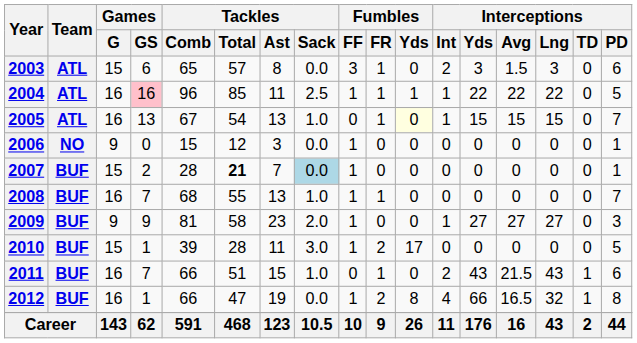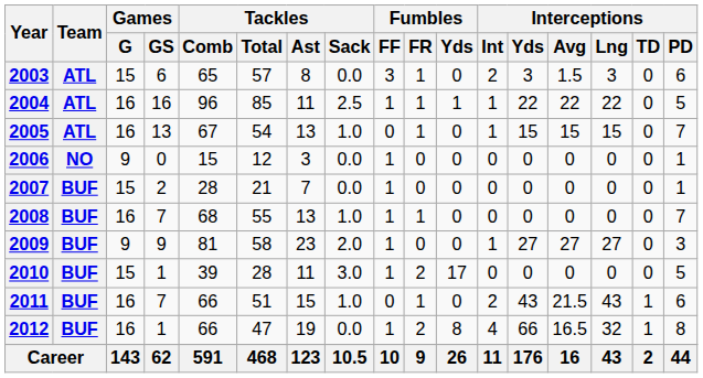 <table class=wikitable style="text-align:center;">
 <tr>
 <th rowspan="2">Year</th>
 <th rowspan="2">Team</th>
 <th colspan="2">Games</th>
 <th colspan="4">Tackles</th>
 <th colspan="3">Fumbles</th>
 <th colspan="6">Interceptions</th>
 </tr>
 <tr>
 <th>G</th>
 <th>GS</th>
 <th>Comb</th>
 <th>Total</th>
 <th>Ast</th>
 <th>Sack</th>
 <th>FF</th>
 <th>FR</th>
 <th>Yds</th>
 <th>Int</th>
 <th>Yds</th>
 <th>Avg</th>
 <th>Lng</th>
 <th>TD</th>
 <th>PD</th>
 </tr>
 <tr>
 <th><a href='#'>2003</a></th>
 <th><a href='#'>ATL</a></th>
 <td>15</td>
 <td>6</td>
 <td>65</td>
 <td>57</td>
 <td>8</td>
 <td>0.0</td>
 <td>3</td>
 <td>1</td>
 <td>0</td>
 <td>2</td>
 <td>3</td>
 <td>1.5</td>
 <td>3</td>
 <td>0</td>
 <td>6</td>
 </tr>
 <tr>
 <th><a href='#'>2004</a></th>
 <th><a href='#'>ATL</a></th>
 <td>16</td>
-<td style="background: pink;">16</td>
+<td>16</td>
 <td>96</td>
 <td>85</td>
 <td>11</td>
 <td>2.5</td>
 <td>1</td>
 <td>1</td>
 <td>1</td>
 <td>1</td>
 <td>22</td>
 <td>22</td>
 <td>22</td>
 <td>0</td>
 <td>5</td>
 </tr>
 <tr>
 <th><a href='#'>2005</a></th>
 <th><a href='#'>ATL</a></th>
 <td>16</td>
 <td>13</td>
 <td>67</td>
 <td>54</td>
 <td>13</td>
 <td>1.0</td>
 <td>0</td>
 <td>1</td>
-<td style="background: lightyellow;">0</td>
+<td>0</td>
 <td>1</td>
 <td>15</td>
 <td>15</td>
 <td>15</td>
 <td>0</td>
 <td>7</td>
 </tr>
 <tr>
 <th><a href='#'>2006</a></th>
 <th><a href='#'>NO</a></th>
 <td>9</td>
 <td>0</td>
 <td>15</td>
 <td>12</td>
 <td>3</td>
 <td>0.0</td>
 <td>1</td>
 <td>0</td>
 <td>0</td>
 <td>0</td>
 <td>0</td>
 <td>0</td>
 <td>0</td>
 <td>0</td>
 <td>1</td>
 </tr>
 <tr>
 <th><a href='#'>2007</a></th>
 <th><a href='#'>BUF</a></th>
 <td>15</td>
 <td>2</td>
 <td>28</td>
-<td><strong>21</strong></td>
+<td>21</td>
 <td>7</td>
-<td style="background: lightblue;">0.0</td>
+<td>0.0</td>
 <td>1</td>
 <td>0</td>
 <td>0</td>
 <td>0</td>
 <td>0</td>
 <td>0</td>
 <td>0</td>
 <td>0</td>
 <td>1</td>
 </tr>
 <tr>
 <th><a href='#'>2008</a></th>
 <th><a href='#'>BUF</a></th>
 <td>16</td>
 <td>7</td>
 <td>68</td>
 <td>55</td>
 <td>13</td>
 <td>1.0</td>
 <td>1</td>
 <td>1</td>
 <td>0</td>
 <td>0</td>
 <td>0</td>
 <td>0</td>
 <td>0</td>
 <td>0</td>
 <td>7</td>
 </tr>
 <tr>
 <th><a href='#'>2009</a></th>
 <th><a href='#'>BUF</a></th>
 <td>9</td>
 <td>9</td>
 <td>81</td>
 <td>58</td>
 <td>23</td>
 <td>2.0</td>
 <td>1</td>
 <td>0</td>
 <td>0</td>
 <td>1</td>
 <td>27</td>
 <td>27</td>
 <td>27</td>
 <td>0</td>
 <td>3</td>
 </tr>
 <tr>
 <th><a href='#'>2010</a></th>
 <th><a href='#'>BUF</a></th>
 <td>15</td>
 <td>1</td>
 <td>39</td>
 <td>28</td>
 <td>11</td>
 <td>3.0</td>
 <td>1</td>
 <td>2</td>
 <td>17</td>
 <td>0</td>
 <td>0</td>
 <td>0</td>
 <td>0</td>
 <td>0</td>
 <td>5</td>
 </tr>
 <tr>
 <th><a href='#'>2011</a></th>
 <th><a href='#'>BUF</a></th>
 <td>16</td>
 <td>7</td>
 <td>66</td>
 <td>51</td>
 <td>15</td>
 <td>1.0</td>
 <td>0</td>
 <td>1</td>
 <td>0</td>
 <td>2</td>
 <td>43</td>
 <td>21.5</td>
 <td>43</td>
 <td>1</td>
 <td>6</td>
 </tr>
 <tr>
 <th><a href='#'>2012</a></th>
 <th><a href='#'>BUF</a></th>
 <td>16</td>
 <td>1</td>
 <td>66</td>
 <td>47</td>
 <td>19</td>
 <td>0.0</td>
 <td>1</td>
 <td>2</td>
 <td>8</td>
 <td>4</td>
 <td>66</td>
 <td>16.5</td>
 <td>32</td>
 <td>1</td>
 <td>8</td>
 </tr>
 <tr>
 </tr>
 <tr class="sortbottom">
 <th colspan=2>Career</th>
 <th>143</th>
 <th>62</th>
 <th>591</th>
 <th>468</th>
 <th>123</th>
 <th>10.5</th>
 <th>10</th>
 <th>9</th>
 <th>26</th>
 <th>11</th>
 <th>176</th>
 <th>16</th>
 <th>43</th>
 <th>2</th>
 <th>44</th>
 </tr>
 </table>
